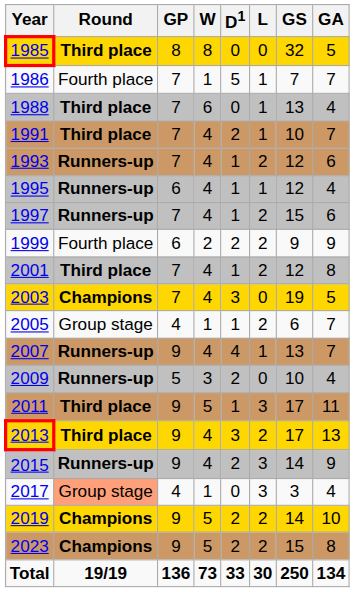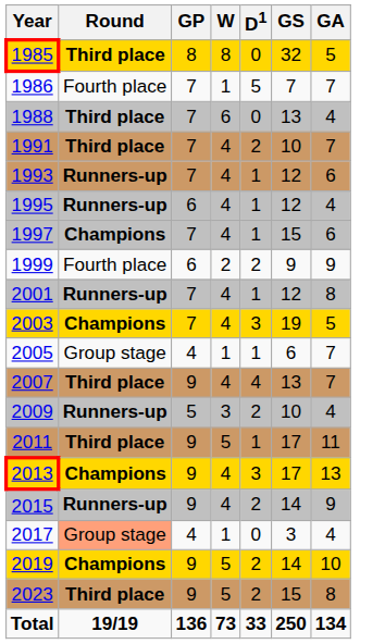 <table class="wikitable" style="text-align: center;">
 <tr>
 <th>Year</th>
 <th>Round</th>
 <th>GP</th>
 <th>W</th>
 <th>D<sup>1</sup></th>
-<th>L</th>
 <th>GS</th>
 <th>GA</th>
 </tr>
 <tr bgcolor=gold>
 <td style="border: 3px solid red"> <a href='#'>1985</a></td>
 <td><strong>Third place</strong></td>
 <td>8</td>
 <td>8</td>
-<td>0</td>
 <td>0</td>
 <td>32</td>
 <td>5</td>
 </tr>
 <tr style="background:">
 <td> <a href='#'>1986</a></td>
 <td>Fourth place</td>
 <td>7</td>
 <td>1</td>
 <td>5</td>
-<td>1</td>
 <td>7</td>
 <td>7</td>
 </tr>
 <tr bgcolor=silver>
 <td> <a href='#'>1988</a></td>
 <td><strong>Third place</strong></td>
 <td>7</td>
 <td>6</td>
 <td>0</td>
-<td>1</td>
 <td>13</td>
 <td>4</td>
 </tr>
 <tr bgcolor=cc9966>
 <td> <a href='#'>1991</a></td>
 <td><strong>Third place</strong></td>
 <td>7</td>
 <td>4</td>
 <td>2</td>
-<td>1</td>
 <td>10</td>
 <td>7</td>
 </tr>
 <tr bgcolor=cc9966>
 <td> <a href='#'>1993</a></td>
 <td><strong>Runners-up</strong></td>
 <td>7</td>
 <td>4</td>
 <td>1</td>
-<td>2</td>
 <td>12</td>
 <td>6</td>
 </tr>
 <tr bgcolor=silver>
 <td> <a href='#'>1995</a></td>
 <td><strong>Runners-up</strong></td>
 <td>6</td>
 <td>4</td>
 <td>1</td>
-<td>1</td>
 <td>12</td>
 <td>4</td>
 </tr>
 <tr bgcolor=silver>
 <td> <a href='#'>1997</a></td>
-<td><strong>Runners-up</strong></td>
+<td><strong>Champions</strong></td>
 <td>7</td>
 <td>4</td>
 <td>1</td>
-<td>2</td>
 <td>15</td>
 <td>6</td>
 </tr>
 <tr style="background:">
 <td> <a href='#'>1999</a></td>
 <td>Fourth place</td>
 <td>6</td>
 <td>2</td>
 <td>2</td>
-<td>2</td>
 <td>9</td>
 <td>9</td>
 </tr>
 <tr bgcolor=silver>
 <td> <a href='#'>2001</a></td>
-<td><strong>Third place</strong></td>
+<td><strong>Runners-up</strong></td>
 <td>7</td>
 <td>4</td>
 <td>1</td>
-<td>2</td>
 <td>12</td>
 <td>8</td>
 </tr>
 <tr bgcolor=gold>
 <td> <a href='#'>2003</a></td>
 <td><strong>Champions</strong></td>
 <td>7</td>
 <td>4</td>
 <td>3</td>
-<td>0</td>
 <td>19</td>
 <td>5</td>
 </tr>
 <tr>
 <td> <a href='#'>2005</a></td>
 <td>Group stage</td>
 <td>4</td>
 <td>1</td>
 <td>1</td>
-<td>2</td>
 <td>6</td>
 <td>7</td>
 </tr>
 <tr bgcolor=cc9966>
 <td> <a href='#'>2007</a></td>
-<td><strong>Runners-up</strong></td>
+<td><strong>Third place</strong></td>
 <td>9</td>
 <td>4</td>
 <td>4</td>
-<td>1</td>
 <td>13</td>
 <td>7</td>
 </tr>
 <tr bgcolor=silver>
 <td> <a href='#'>2009</a></td>
 <td><strong>Runners-up</strong></td>
 <td>5</td>
 <td>3</td>
 <td>2</td>
-<td>0</td>
 <td>10</td>
 <td>4</td>
 </tr>
 <tr bgcolor=cc9966>
 <td> <a href='#'>2011</a></td>
 <td><strong>Third place</strong></td>
 <td>9</td>
 <td>5</td>
 <td>1</td>
-<td>3</td>
 <td>17</td>
 <td>11</td>
 </tr>
 <tr bgcolor=gold>
 <td style="border: 3px solid red"> <a href='#'>2013</a></td>
-<td><strong>Third place</strong></td>
+<td><strong>Champions</strong></td>
 <td>9</td>
 <td>4</td>
 <td>3</td>
-<td>2</td>
 <td>17</td>
 <td>13</td>
 </tr>
 <tr bgcolor=silver>
 <td> <a href='#'>2015</a></td>
 <td><strong>Runners-up</strong></td>
 <td>9</td>
 <td>4</td>
 <td>2</td>
-<td>3</td>
 <td>14</td>
 <td>9</td>
 </tr>
 <tr>
 <td> <a href='#'>2017</a></td>
 <td style="background: lightsalmon;">Group stage</td>
 <td>4</td>
 <td>1</td>
 <td>0</td>
 <td>3</td>
-<td>3</td>
 <td>4</td>
 </tr>
 <tr bgcolor=gold>
 <td> <a href='#'>2019</a></td>
 <td><strong>Champions</strong></td>
 <td>9</td>
 <td>5</td>
 <td>2</td>
-<td>2</td>
 <td>14</td>
 <td>10</td>
 </tr>
 <tr bgcolor=cc9966>
 <td> <a href='#'>2023</a></td>
-<td><strong>Champions</strong></td>
+<td><strong>Third place</strong></td>
 <td>9</td>
 <td>5</td>
-<td>2</td>
 <td>2</td>
 <td>15</td>
 <td>8</td>
 </tr>
 <tr>
 <td><strong>Total</strong></td>
 <td><strong>19/19</strong></td>
 <td><strong>136</strong></td>
 <td><strong>73</strong></td>
 <td><strong>33</strong></td>
-<td><strong>30</strong></td>
 <td><strong>250</strong></td>
 <td><strong>134</strong></td>
 </tr>
 </table>
